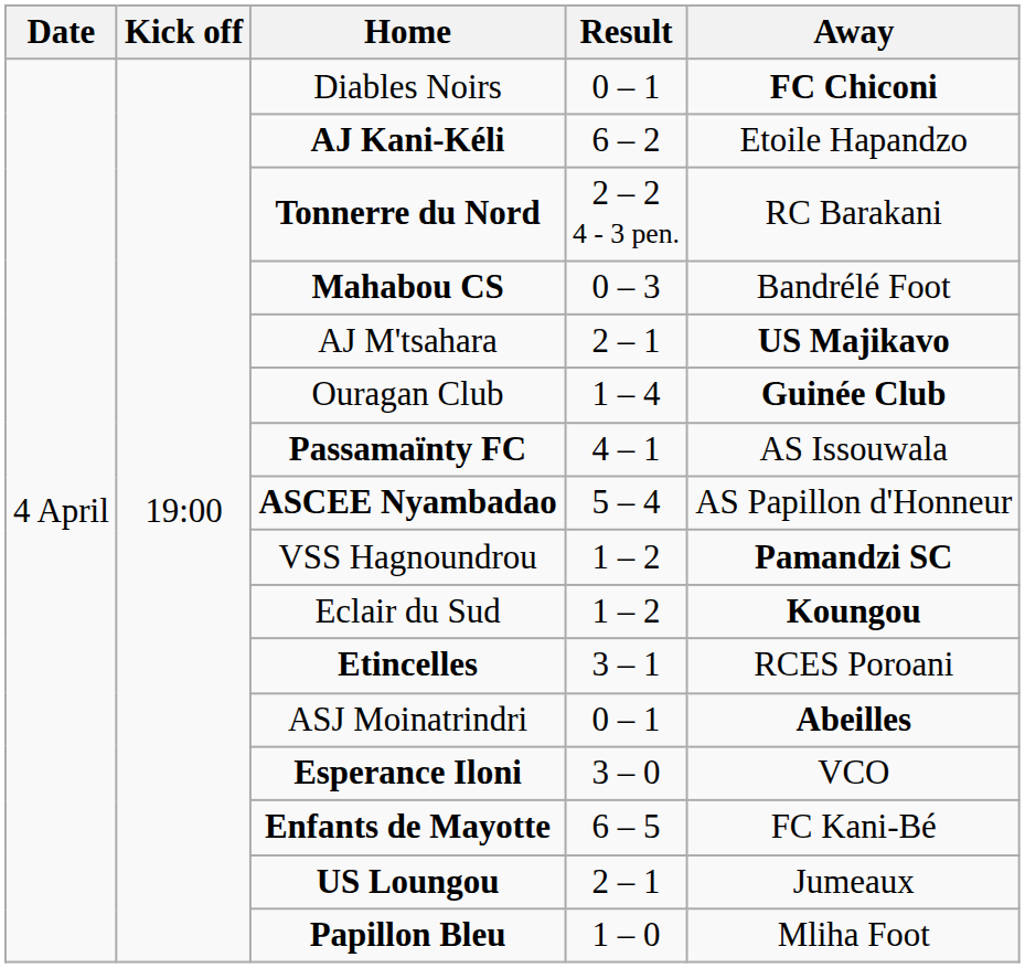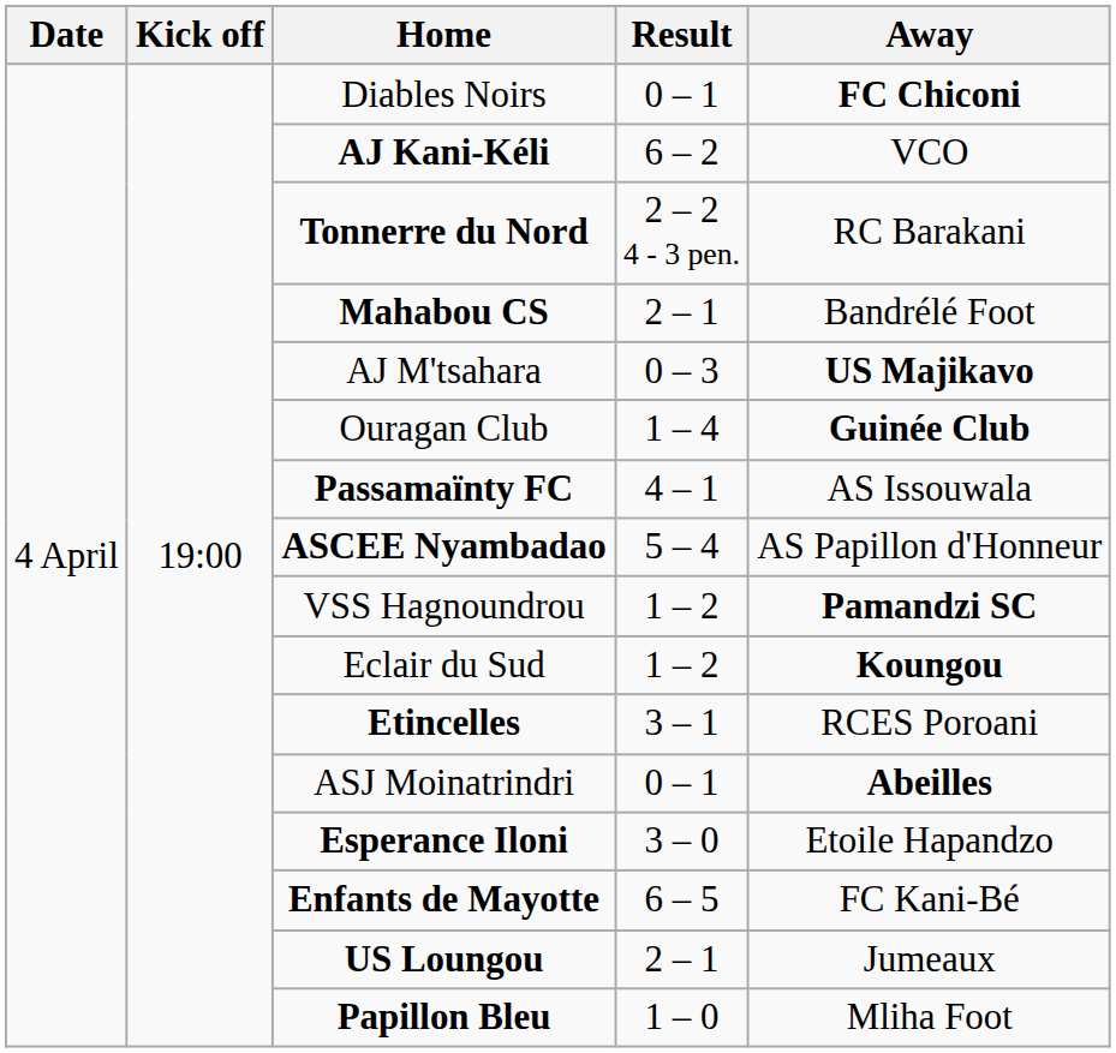 <table class="wikitable" style="text-align: center">
 <tr>
 <th scope="col">Date</th>
 <th scope="col">Kick off</th>
 <th scope="col">Home</th>
 <th scope="col">Result</th>
 <th scope="col">Away</th>
 </tr>
 <tr>
 <td rowspan="16">4 April</td>
 <td rowspan="16">19:00</td>
 <td>Diables Noirs</td>
 <td>0 – 1</td>
 <td><strong>FC Chiconi</strong></td>
 </tr>
 <tr>
 <td><strong>AJ Kani-Kéli</strong></td>
 <td>6 – 2</td>
-<td>Etoile Hapandzo</td>
+<td>VCO</td>
 </tr>
 <tr>
 <td><strong>Tonnerre du Nord</strong></td>
 <td>2 – 2 <br> <small> 4 - 3 pen. </small></td>
 <td>RC Barakani</td>
 </tr>
 <tr>
 <td><strong>Mahabou CS</strong></td>
-<td>0 – 3</td>
+<td>2 – 1</td>
 <td>Bandrélé Foot</td>
 </tr>
 <tr>
 <td>AJ M'tsahara</td>
-<td>2 – 1</td>
+<td>0 – 3</td>
 <td><strong>US Majikavo</strong></td>
 </tr>
 <tr>
 <td>Ouragan Club</td>
 <td>1 – 4</td>
 <td><strong>Guinée Club</strong></td>
 </tr>
 <tr>
 <td><strong>Passamaïnty FC</strong></td>
 <td>4 – 1</td>
 <td>AS Issouwala</td>
 </tr>
 <tr>
 <td><strong>ASCEE Nyambadao</strong></td>
 <td>5 – 4</td>
 <td>AS Papillon d'Honneur</td>
 </tr>
 <tr>
 <td>VSS Hagnoundrou</td>
 <td>1 – 2</td>
 <td><strong>Pamandzi SC</strong></td>
 </tr>
 <tr>
 <td>Eclair du Sud</td>
 <td>1 – 2</td>
 <td><strong>Koungou </strong></td>
 </tr>
 <tr>
 <td><strong>Etincelles</strong></td>
 <td>3 – 1</td>
 <td>RCES Poroani</td>
 </tr>
 <tr>
 <td>ASJ Moinatrindri</td>
 <td>0 – 1</td>
 <td><strong>Abeilles</strong></td>
 </tr>
 <tr>
 <td><strong>Esperance Iloni</strong></td>
 <td>3 – 0</td>
-<td>VCO</td>
+<td>Etoile Hapandzo</td>
 </tr>
 <tr>
 <td><strong>Enfants de Mayotte</strong></td>
 <td>6 – 5</td>
 <td>FC Kani-Bé</td>
 </tr>
 <tr>
 <td><strong>US Loungou</strong></td>
 <td>2 – 1</td>
 <td>Jumeaux</td>
 </tr>
 <tr>
 <td><strong>Papillon Bleu</strong></td>
 <td>1 – 0</td>
 <td>Mliha Foot</td>
 </tr>
 </table>
